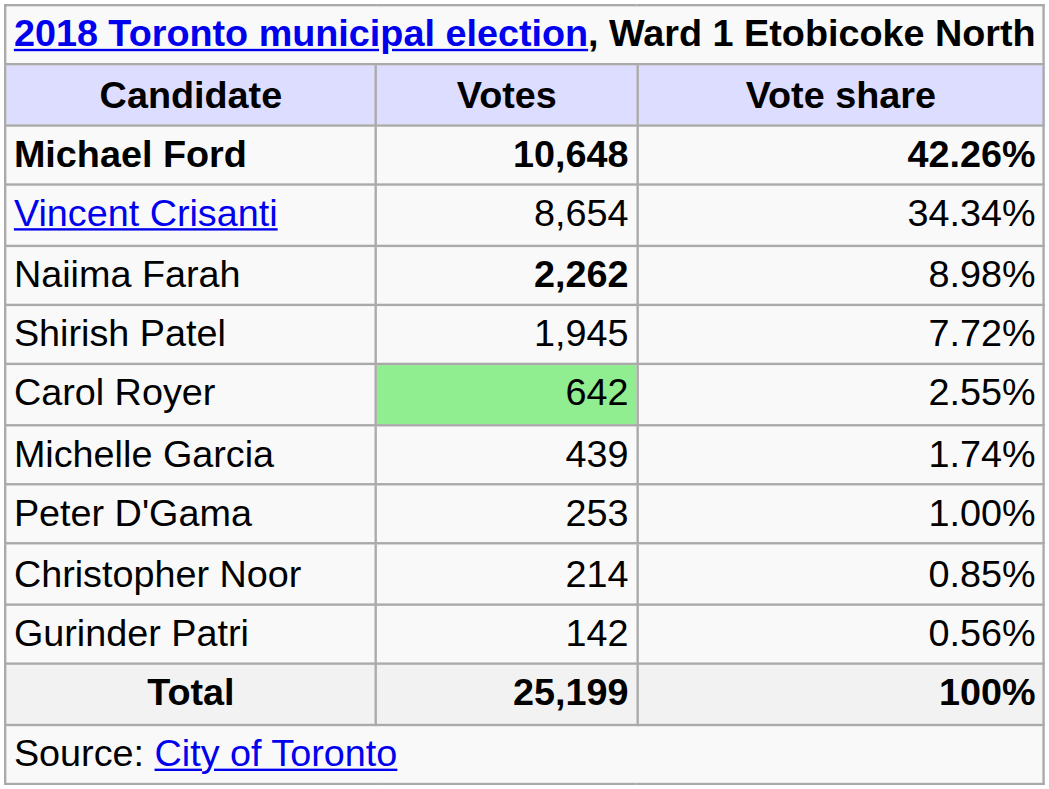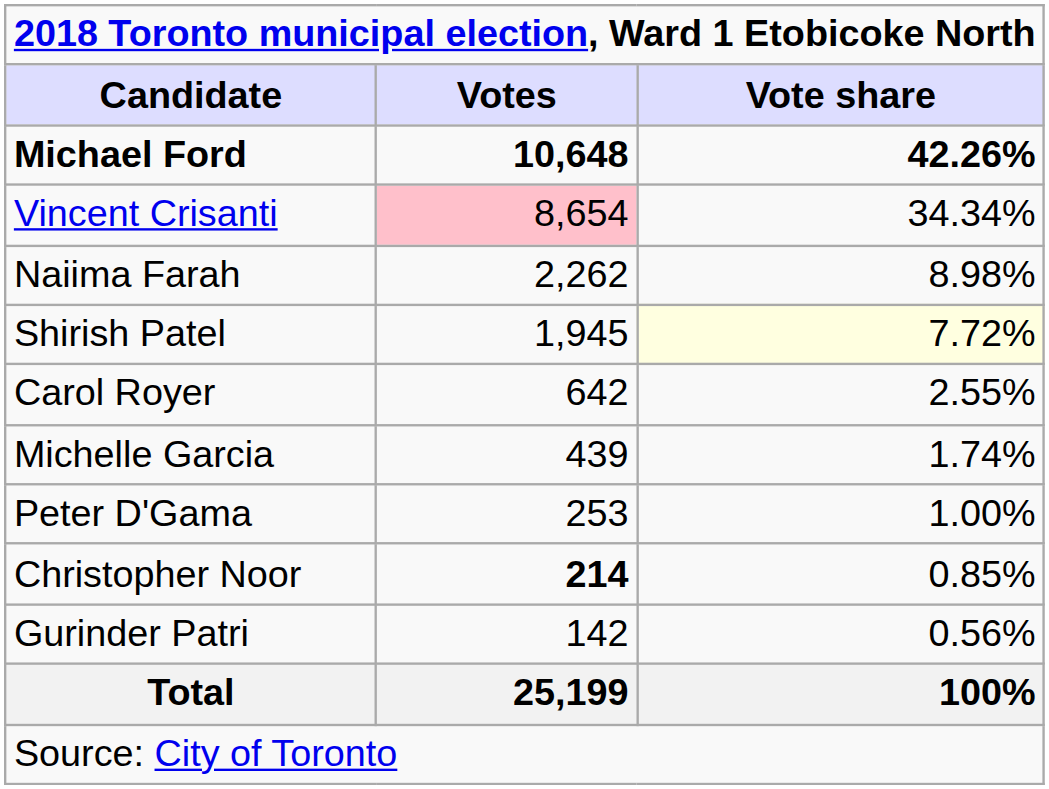 <table class="wikitable plainrowheaders">
 <tr>
 <td colspan="3"><strong><a href='#'>2018 Toronto municipal election</a>, Ward 1 Etobicoke North</strong></td>
 </tr>
 <tr>
 <th scope="col" style="background:#ddf; width:150px;">Candidate</th>
 <th scope="col" style="background:#ddf;">Votes</th>
 <th scope="col" style="background:#ddf;">Vote share</th>
 </tr>
 <tr>
 <td scope="row"><strong>Michael Ford</strong></td>
 <td style="text-align:right;"><strong>10,648</strong></td>
 <td style="text-align:right;"><strong>42.26%</strong></td>
 </tr>
 <tr>
 <td scope="row"><a href='#'>Vincent Crisanti</a></td>
-<td style="text-align:right;">8,654</td>
+<td style="background: pink; text-align:right;">8,654</td>
 <td style="text-align:right;">34.34%</td>
 </tr>
 <tr>
 <td scope="row">Naiima Farah</td>
-<td style="text-align:right;"><strong>2,262</strong></td>
+<td style="text-align:right;">2,262</td>
 <td style="text-align:right;">8.98%</td>
 </tr>
 <tr>
 <td scope="row">Shirish Patel</td>
 <td style="text-align:right;">1,945</td>
-<td style="text-align:right;">7.72%</td>
+<td style="background: lightyellow; text-align:right;">7.72%</td>
 </tr>
 <tr>
 <td>Carol Royer</td>
-<td style="background: lightgreen; text-align:right;">642</td>
+<td style="text-align:right;">642</td>
 <td style="text-align:right;">2.55%</td>
 </tr>
 <tr>
 <td>Michelle Garcia</td>
 <td style="text-align:right;">439</td>
 <td style="text-align:right;">1.74%</td>
 </tr>
 <tr>
 <td>Peter D'Gama</td>
 <td style="text-align:right;">253</td>
 <td style="text-align:right;">1.00%</td>
 </tr>
 <tr>
 <td>Christopher Noor</td>
-<td style="text-align:right;">214</td>
+<td style="text-align:right;"><strong>214</strong></td>
 <td style="text-align:right;">0.85%</td>
 </tr>
 <tr>
 <td>Gurinder Patri</td>
 <td style="text-align:right;">142</td>
 <td style="text-align:right;">0.56%</td>
 </tr>
 <tr>
 <th scope="row"><strong>Total</strong></th>
 <th style="text-align:right;">25,199</th>
 <th style="text-align:right;">100%</th>
 </tr>
 <tr>
 <td colspan="3">Source: <a href='#'>City of Toronto</a></td>
 </tr>
 </table>
